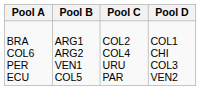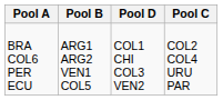 <table class="wikitable">
 <tr>
 <th width=20%>Pool A</th>
 <th width=20%>Pool B</th>
+<th width=20%>Pool D</th>
 <th width=20%>Pool C</th>
-<th width=20%>Pool D</th>
 </tr>
 <tr>
 <td><br> BRA<br>  COL6<br>  PER<br>  ECU</td>
 <td><br> ARG1<br>  ARG2<br>  VEN1<br>  COL5</td>
+<td><br> COL1<br>  CHI<br>  COL3<br>  VEN2</td>
 <td><br> COL2<br>  COL4<br>  URU<br>  PAR</td>
-<td><br> COL1<br>  CHI<br>  COL3<br>  VEN2</td>
 </tr>
 </table>
